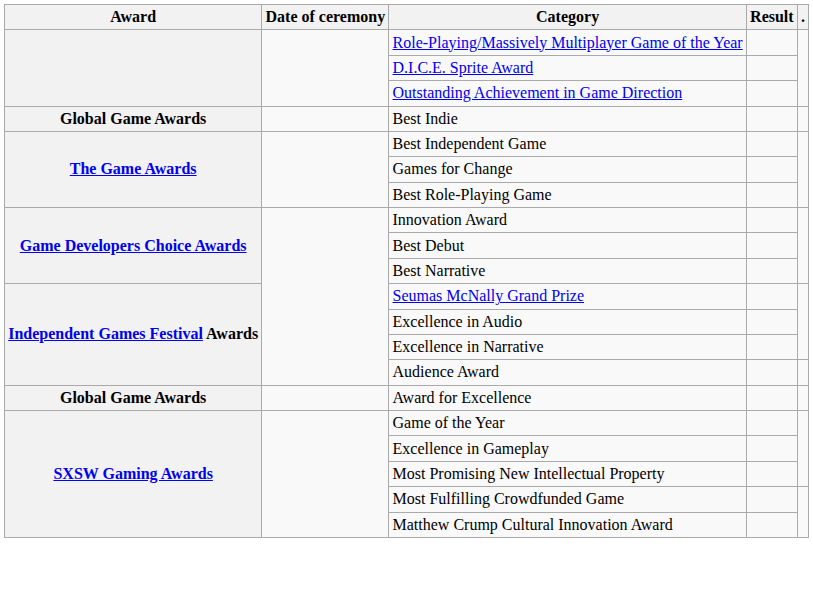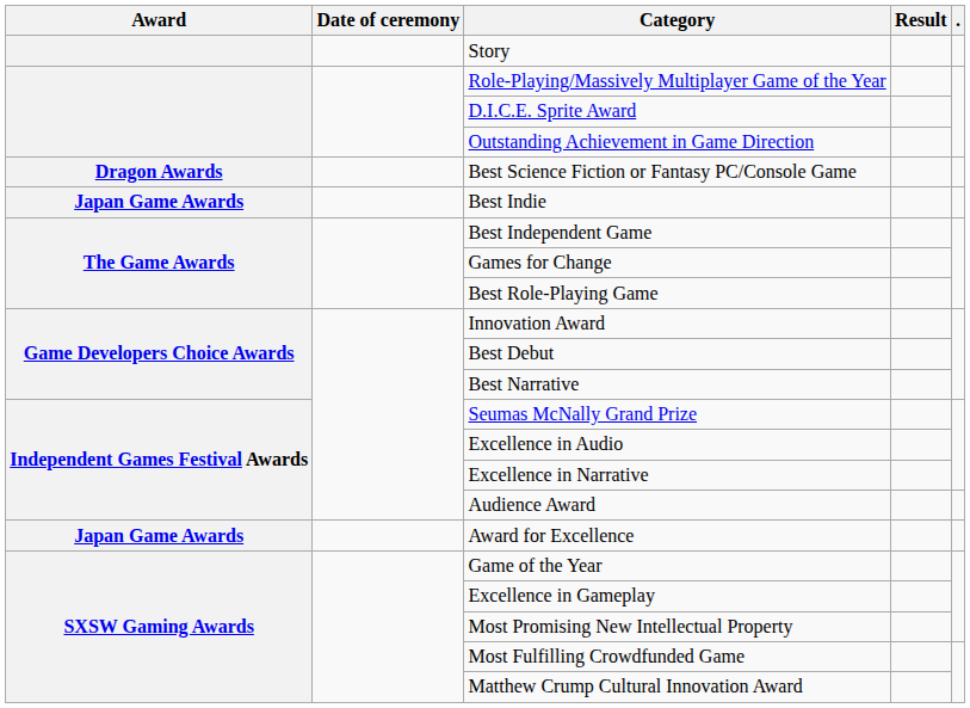 <table class="wikitable sortable plainrowheaders" width="auto">
 <tr>
 <th scope="col">Award</th>
 <th scope="col">Date of ceremony</th>
 <th scope="col">Category</th>
 <th>Result</th>
 <th scope="col" class="unsortable">.</th>
+</tr>
+<tr>
+<th scope="row" align="left"></th>
+<td align="center"><a href='#'></a></td>
+<td>Story</td>
+<td></td>
+<td align="center"></td>
 </tr>
 <tr>
 <th rowspan="3" scope="row"></th>
 <td rowspan="3" align="center"><a href='#'></a></td>
 <td><a href='#'>Role-Playing/Massively Multiplayer Game of the Year</a></td>
 <td></td>
 <td rowspan="3" align="center"></td>
 </tr>
 <tr>
 <td><a href='#'>D.I.C.E. Sprite Award</a></td>
 <td></td>
 </tr>
 <tr>
 <td><a href='#'>Outstanding Achievement in Game Direction</a></td>
 <td></td>
 </tr>
 <tr>
-<th scope="row" align="left">Global Game Awards</th>
+<th scope="row" align="left"><a href='#'>Dragon Awards</a></th>
+<td align="center"></td>
+<td>Best Science Fiction or Fantasy PC/Console Game</td>
+<td></td>
+<td align="center"></td>
+</tr>
+<tr>
+<th scope="row" align="left"><a href='#'>Japan Game Awards</a></th>
 <td align="center"></td>
 <td>Best Indie</td>
 <td></td>
 <td align="center"></td>
 </tr>
 <tr>
 <th rowspan="3" scope="row"><a href='#'>The Game Awards</a></th>
 <td rowspan="3" align="center"><a href='#'></a></td>
 <td>Best Independent Game</td>
 <td></td>
 <td rowspan="3" align="center"></td>
 </tr>
 <tr>
 <td>Games for Change</td>
 <td></td>
 </tr>
 <tr>
 <td>Best Role-Playing Game</td>
 <td></td>
 </tr>
 <tr>
 <th rowspan="3" scope="row"><a href='#'>Game Developers Choice Awards</a></th>
 <td rowspan="7" align="center"></td>
 <td>Innovation Award</td>
 <td></td>
 <td rowspan="3" align="center"></td>
 </tr>
 <tr>
 <td>Best Debut</td>
 <td></td>
 </tr>
 <tr>
 <td>Best Narrative</td>
 <td></td>
 </tr>
 <tr>
 <th rowspan="4" scope="row" align="left" ><a href='#'>Independent Games Festival</a> Awards</th>
 <td><a href='#'>Seumas McNally Grand Prize</a></td>
 <td></td>
 <td rowspan="3" align="center"></td>
 </tr>
 <tr>
 <td>Excellence in Audio</td>
 <td></td>
 </tr>
 <tr>
 <td>Excellence in Narrative</td>
 <td></td>
 </tr>
 <tr>
 <td>Audience Award</td>
 <td></td>
 <td align="center"></td>
 </tr>
 <tr>
-<th scope="row" align="left">Global Game Awards</th>
+<th scope="row" align="left"><a href='#'>Japan Game Awards</a></th>
 <td align="center"></td>
 <td>Award for Excellence</td>
 <td></td>
 <td align="center"></td>
 </tr>
 <tr>
 <th rowspan="5" scope="row" align="left"><a href='#'>SXSW Gaming Awards</a></th>
 <td rowspan="5" align="center"></td>
 <td>Game of the Year</td>
 <td></td>
 <td rowspan="3" align="center"></td>
 </tr>
 <tr>
 <td>Excellence in Gameplay</td>
 <td></td>
 </tr>
 <tr>
 <td>Most Promising New Intellectual Property</td>
 <td></td>
 </tr>
 <tr>
 <td>Most Fulfilling Crowdfunded Game</td>
 <td></td>
 <td rowspan="2" align="center"></td>
 </tr>
 <tr>
 <td>Matthew Crump Cultural Innovation Award</td>
 <td></td>
 </tr>
 </table>
